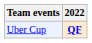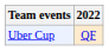 <table style='font-size: 90%; text-align:center;' class='wikitable'>
 <tr>
 <th>Team events</th>
 <th>2022</th>
 </tr>
 <tr>
 <td bgcolor="#ECF2FF"; align="left"><a href='#'>Uber Cup</a></td>
-<td bgcolor=FFEBCD><strong><a href='#'>QF</a></strong></td>
+<td bgcolor=FFEBCD><a href='#'>QF</a></td>
 </tr>
 </table>
